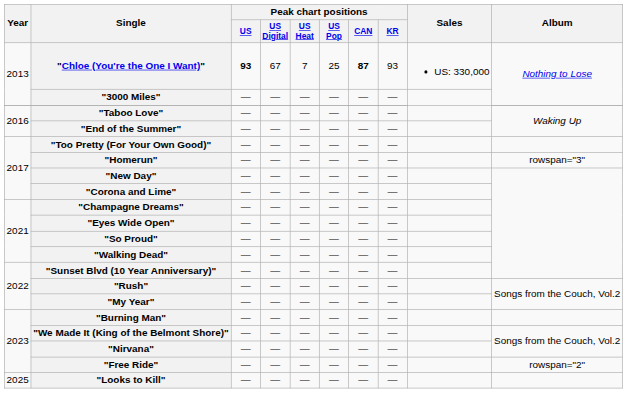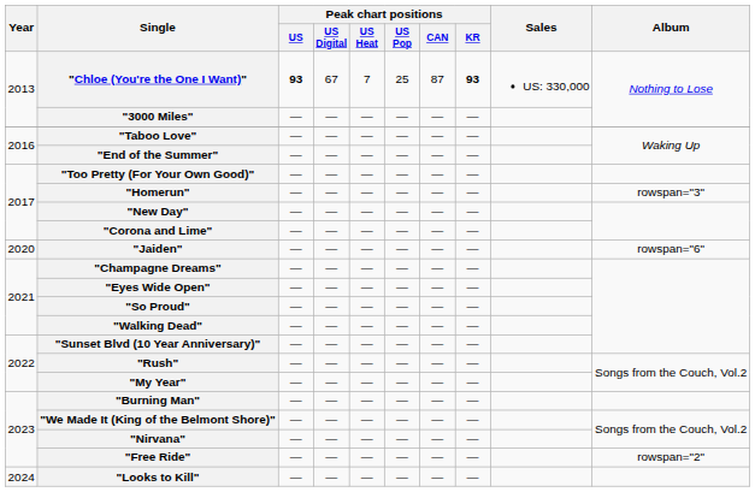 <table class="wikitable plainrowheaders" style="text-align:center;">
 <tr>
 <th scope="col" rowspan="2">Year</th>
 <th scope="col" rowspan="2">Single</th>
 <th scope="col" colspan="6">Peak chart positions</th>
 <th scope="col" rowspan="2">Sales</th>
 <th scope="col" rowspan="2">Album</th>
 </tr>
 <tr>
 <th scope="col" style="width:3em;font-size:85%;"><a href='#'>US</a></th>
 <th scope="col" style="width:3em;font-size:85%;"><a href='#'>US<br>Digital</a></th>
 <th scope="col" style="width:3em;font-size:85%;"><a href='#'>US<br>Heat</a></th>
 <th scope="col" style="width:3em;font-size:85%;"><a href='#'>US<br>Pop</a></th>
 <th scope="col" style="width:3em;font-size:85%;"><a href='#'>CAN</a></th>
 <th scope="col" style="width:3em;font-size:85%;"><a href='#'>KR</a></th>
 </tr>
 <tr>
 <td rowspan="2">2013</td>
 <th scope="row">"<a href='#'>Chloe (You're the One I Want)</a>"</th>
 <td><strong>93</strong></td>
 <td>67</td>
 <td>7</td>
 <td>25</td>
-<td><strong>87</strong></td>
-<td>93</td>
+<td>87</td>
+<td><strong>93</strong></td>
 <td><br><ul><li>US: 330,000</li></ul></td>
 <td rowspan="2"><em><a href='#'>Nothing to Lose</a></em></td>
 </tr>
 <tr>
 <th scope="row">"3000 Miles"</th>
 <td>—</td>
 <td>—</td>
 <td>—</td>
 <td>—</td>
 <td>—</td>
 <td>—</td>
 </tr>
 <tr>
 </tr>
 <tr>
 <td rowspan="2">2016</td>
 <th scope="row">"Taboo Love"</th>
 <td>—</td>
 <td>—</td>
 <td>—</td>
 <td>—</td>
 <td>—</td>
 <td>—</td>
 <td></td>
 <td rowspan="2"><em>Waking Up</em></td>
 </tr>
 <tr>
 <th scope="row">"End of the Summer"</th>
 <td>—</td>
 <td>—</td>
 <td>—</td>
 <td>—</td>
 <td>—</td>
 <td>—</td>
 <td></td>
 </tr>
 <tr>
 <td rowspan="4">2017</td>
 <th scope="row">"Too Pretty (For Your Own Good)"</th>
 <td>—</td>
 <td>—</td>
 <td>—</td>
 <td>—</td>
 <td>—</td>
 <td>—</td>
 <td></td>
 <td></td>
 </tr>
 <tr>
 <th scope="row">"Homerun"</th>
 <td>—</td>
 <td>—</td>
 <td>—</td>
 <td>—</td>
 <td>—</td>
 <td>—</td>
 <td></td>
 <td>rowspan="3" </td>
 </tr>
 <tr>
 <th scope="row">"New Day"</th>
 <td>—</td>
 <td>—</td>
 <td>—</td>
 <td>—</td>
 <td>—</td>
 <td>—</td>
 <td></td>
 </tr>
 <tr>
 <th scope="row">"Corona and Lime"</th>
 <td>—</td>
 <td>—</td>
 <td>—</td>
 <td>—</td>
 <td>—</td>
 <td>—</td>
 <td></td>
+</tr>
+<tr>
+<td>2020</td>
+<th scope="row">"Jaiden"</th>
+<td>—</td>
+<td>—</td>
+<td>—</td>
+<td>—</td>
+<td>—</td>
+<td>—</td>
+<td></td>
+<td>rowspan="6" </td>
 </tr>
 <tr>
 <td rowspan="4">2021</td>
 <th scope="row">"Champagne Dreams"</th>
 <td>—</td>
 <td>—</td>
 <td>—</td>
 <td>—</td>
 <td>—</td>
 <td>—</td>
 <td></td>
 </tr>
 <tr>
 <th scope="row">"Eyes Wide Open"</th>
 <td>—</td>
 <td>—</td>
 <td>—</td>
 <td>—</td>
 <td>—</td>
 <td>—</td>
 <td></td>
 </tr>
 <tr>
 <th scope="row">"So Proud"</th>
 <td>—</td>
 <td>—</td>
 <td>—</td>
 <td>—</td>
 <td>—</td>
 <td>—</td>
 <td></td>
 </tr>
 <tr>
 <th scope="row">"Walking Dead"</th>
 <td>—</td>
 <td>—</td>
 <td>—</td>
 <td>—</td>
 <td>—</td>
 <td>—</td>
 <td></td>
 </tr>
 <tr>
 <td rowspan="3">2022</td>
 <th scope="row">"Sunset Blvd (10 Year Anniversary)"</th>
 <td>—</td>
 <td>—</td>
 <td>—</td>
 <td>—</td>
 <td>—</td>
 <td>—</td>
 <td></td>
 </tr>
 <tr>
 <th scope="row">"Rush"</th>
 <td>—</td>
 <td>—</td>
 <td>—</td>
 <td>—</td>
 <td>—</td>
 <td>—</td>
 <td></td>
 <td rowspan="2">Songs from the Couch, Vol.2</td>
 </tr>
 <tr>
 <th scope="row">"My Year"</th>
 <td>—</td>
 <td>—</td>
 <td>—</td>
 <td>—</td>
 <td>—</td>
 <td>—</td>
 <td></td>
 </tr>
 <tr>
 <td rowspan="4">2023</td>
 <th scope="row">"Burning Man"</th>
 <td>—</td>
 <td>—</td>
 <td>—</td>
 <td>—</td>
 <td>—</td>
 <td>—</td>
 <td></td>
 <td></td>
 </tr>
 <tr>
 <th scope="row">"We Made It (King of the Belmont Shore)"</th>
 <td>—</td>
 <td>—</td>
 <td>—</td>
 <td>—</td>
 <td>—</td>
 <td>—</td>
 <td></td>
 <td rowspan="2">Songs from the Couch, Vol.2</td>
 </tr>
 <tr>
 <th scope="row">"Nirvana"</th>
 <td>—</td>
 <td>—</td>
 <td>—</td>
 <td>—</td>
 <td>—</td>
 <td>—</td>
 <td></td>
 </tr>
 <tr>
 <th scope="row">"Free Ride"</th>
 <td>—</td>
 <td>—</td>
 <td>—</td>
 <td>—</td>
 <td>—</td>
 <td>—</td>
 <td></td>
 <td>rowspan="2" </td>
 </tr>
 <tr>
-<td>2025</td>
+<td>2024</td>
 <th scope="row">"Looks to Kill"</th>
 <td>—</td>
 <td>—</td>
 <td>—</td>
 <td>—</td>
 <td>—</td>
 <td>—</td>
 <td></td>
 </tr>
 </table>
